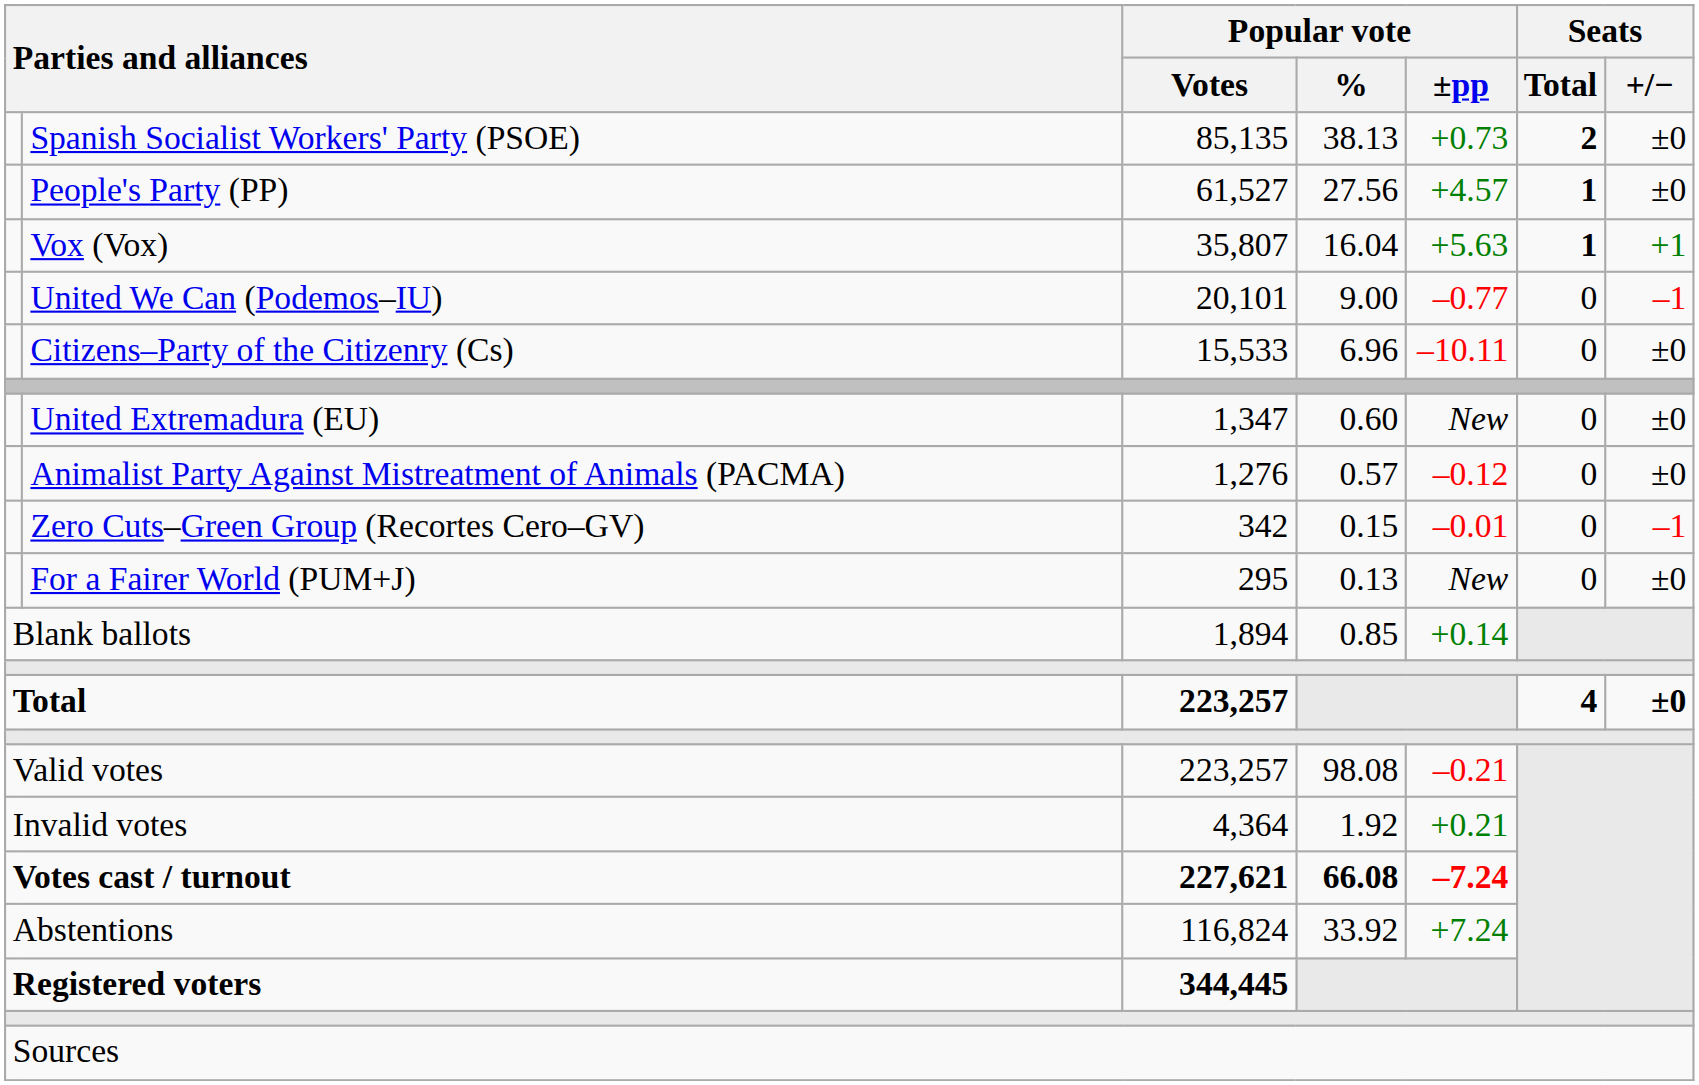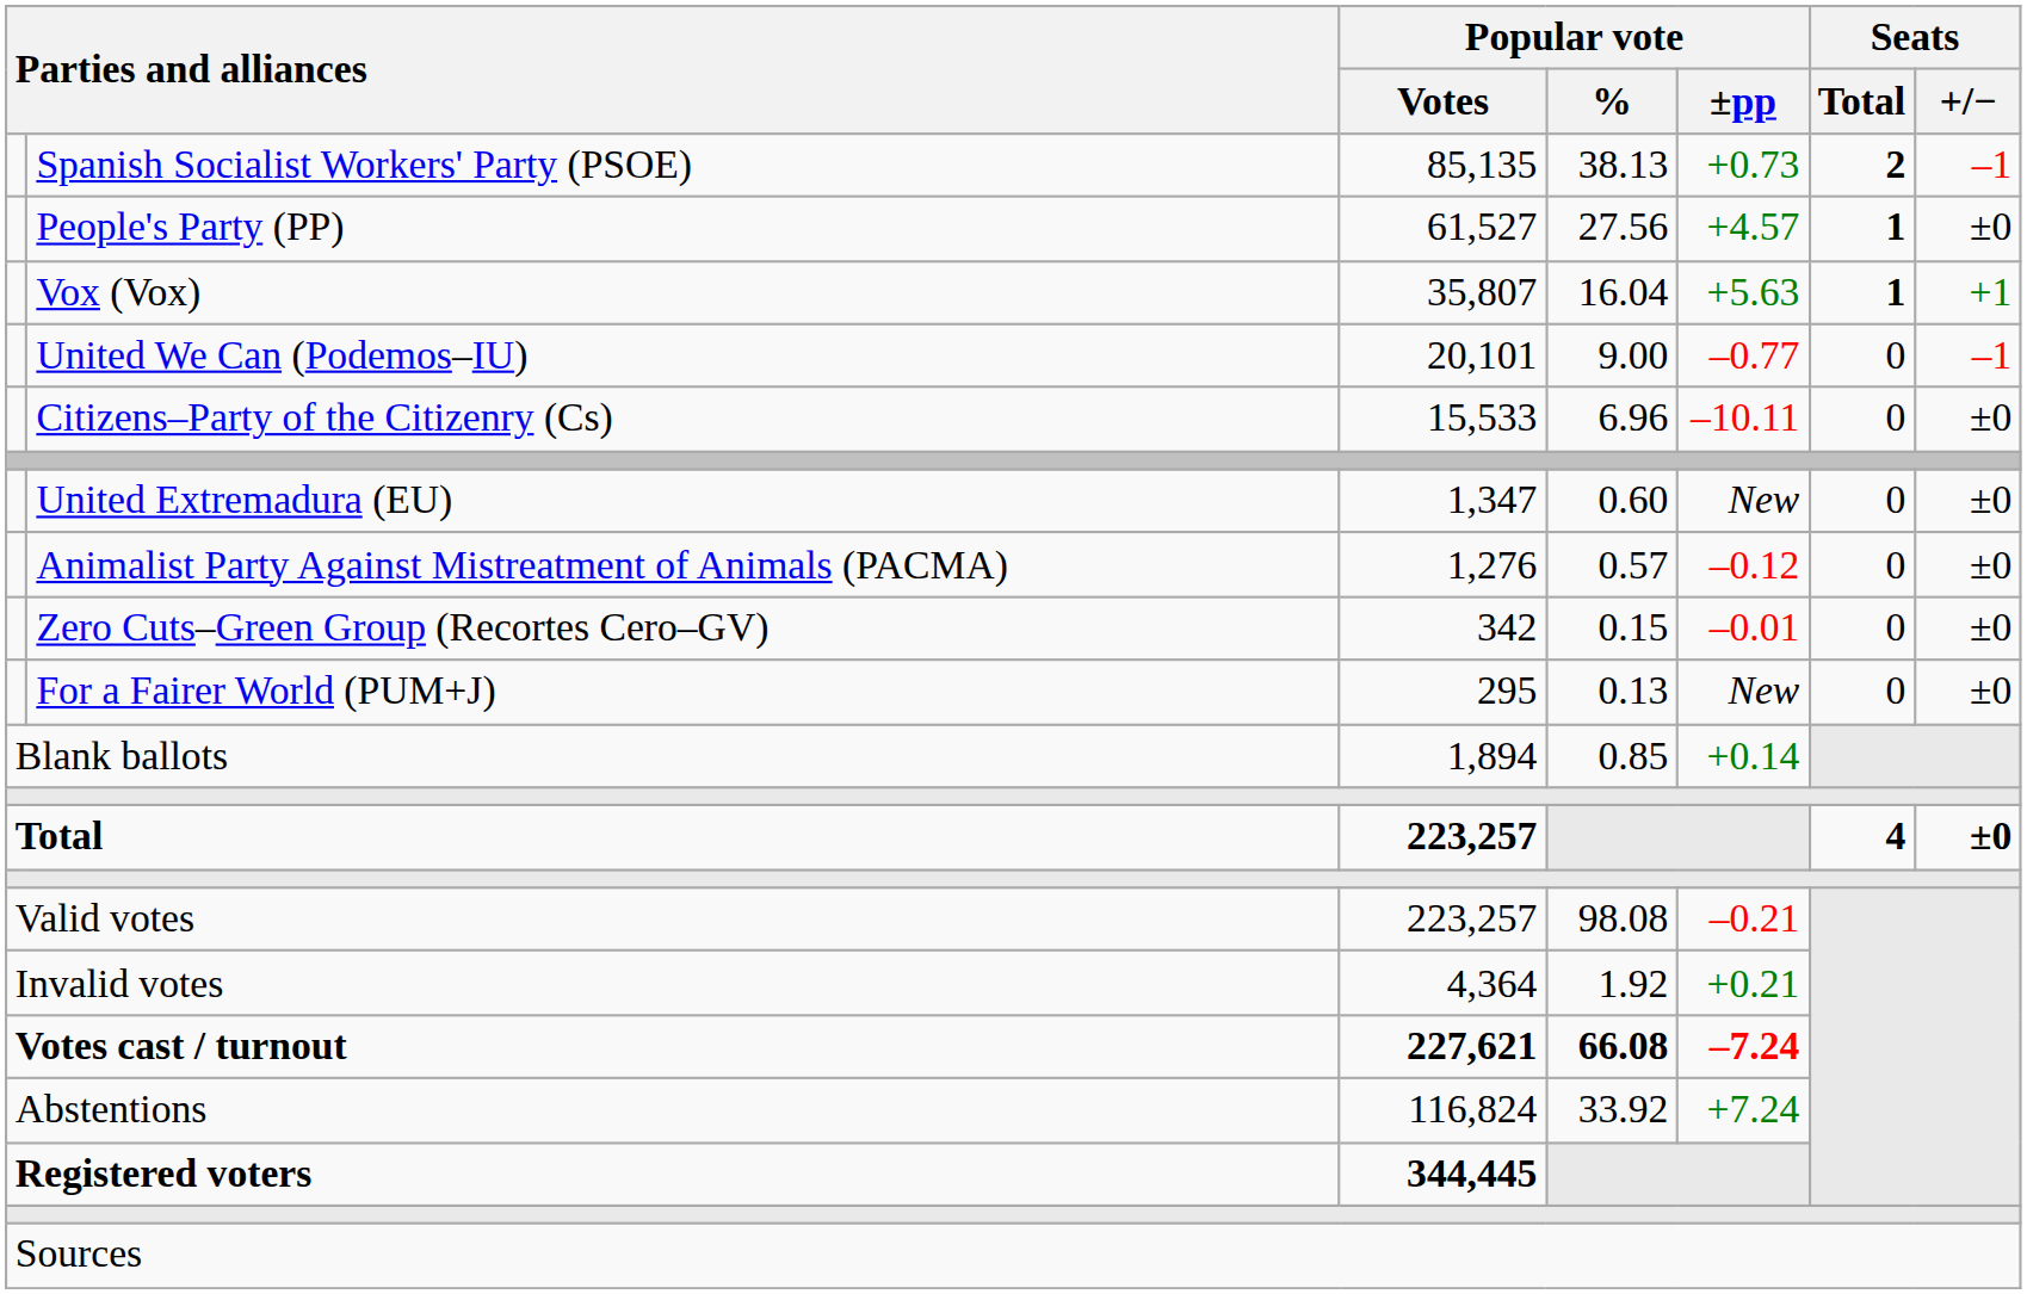 <table class="wikitable" style="text-align:right;">
 <tr>
 <th style="text-align:left;" rowspan="2" colspan="2" width="525">Parties and alliances</th>
 <th colspan="3">Popular vote</th>
 <th colspan="2">Seats</th>
 </tr>
 <tr>
 <th width="75">Votes</th>
 <th width="45">%</th>
 <th width="45">±<a href='#'>pp</a></th>
 <th width="35">Total</th>
 <th width="35">+/−</th>
 </tr>
 <tr>
 <td width="1" style="color:inherit;background:"></td>
 <td align="left"><a href='#'>Spanish Socialist Workers' Party</a> (PSOE)</td>
 <td>85,135</td>
 <td>38.13</td>
 <td style="color:green;">+0.73</td>
 <td><strong>2</strong></td>
-<td>±0</td>
+<td style="color:red;">–1</td>
 </tr>
 <tr>
 <td style="color:inherit;background:"></td>
 <td align="left"><a href='#'>People's Party</a> (PP)</td>
 <td>61,527</td>
 <td>27.56</td>
 <td style="color:green;">+4.57</td>
 <td><strong>1</strong></td>
 <td>±0</td>
 </tr>
 <tr>
 <td style="color:inherit;background:"></td>
 <td align="left"><a href='#'>Vox</a> (Vox)</td>
 <td>35,807</td>
 <td>16.04</td>
 <td style="color:green;">+5.63</td>
 <td><strong>1</strong></td>
 <td style="color:green;">+1</td>
 </tr>
 <tr>
 <td style="color:inherit;background:"></td>
 <td align="left"><a href='#'>United We Can</a> (<a href='#'>Podemos</a>–<a href='#'>IU</a>)</td>
 <td>20,101</td>
 <td>9.00</td>
 <td style="color:red;">–0.77</td>
 <td>0</td>
 <td style="color:red;">–1</td>
 </tr>
 <tr>
 <td style="color:inherit;background:"></td>
 <td align="left"><a href='#'>Citizens–Party of the Citizenry</a> (Cs)</td>
 <td>15,533</td>
 <td>6.96</td>
 <td style="color:red;">–10.11</td>
 <td>0</td>
 <td>±0</td>
 </tr>
 <tr>
 <td colspan="7" bgcolor="#C0C0C0"></td>
 </tr>
 <tr>
 <td style="color:inherit;background:"></td>
 <td align="left"><a href='#'>United Extremadura</a> (EU)</td>
 <td>1,347</td>
 <td>0.60</td>
 <td><em>New</em></td>
 <td>0</td>
 <td>±0</td>
 </tr>
 <tr>
 <td style="color:inherit;background:"></td>
 <td align="left"><a href='#'>Animalist Party Against Mistreatment of Animals</a> (PACMA)</td>
 <td>1,276</td>
 <td>0.57</td>
 <td style="color:red;">–0.12</td>
 <td>0</td>
 <td>±0</td>
 </tr>
 <tr>
 <td style="color:inherit;background:"></td>
 <td align="left"><a href='#'>Zero Cuts</a>–<a href='#'>Green Group</a> (Recortes Cero–GV)</td>
 <td>342</td>
 <td>0.15</td>
 <td style="color:red;">–0.01</td>
 <td>0</td>
-<td style="color:red;">–1</td>
+<td>±0</td>
 </tr>
 <tr>
 <td style="color:inherit;background:"></td>
 <td align="left"><a href='#'>For a Fairer World</a> (PUM+J)</td>
 <td>295</td>
 <td>0.13</td>
 <td><em>New</em></td>
 <td>0</td>
 <td>±0</td>
 </tr>
 <tr>
 <td align="left" colspan="2">Blank ballots</td>
 <td>1,894</td>
 <td>0.85</td>
 <td style="color:green;">+0.14</td>
 <td bgcolor="#E9E9E9" colspan="2"></td>
 </tr>
 <tr>
 <td colspan="7" bgcolor="#E9E9E9"></td>
 </tr>
 <tr style="font-weight:bold;">
 <td align="left" colspan="2">Total</td>
 <td>223,257</td>
 <td bgcolor="#E9E9E9" colspan="2"></td>
 <td>4</td>
 <td>±0</td>
 </tr>
 <tr>
 <td colspan="7" bgcolor="#E9E9E9"></td>
 </tr>
 <tr>
 <td align="left" colspan="2">Valid votes</td>
 <td>223,257</td>
 <td>98.08</td>
 <td style="color:red;">–0.21</td>
 <td bgcolor="#E9E9E9" colspan="2" rowspan="5"></td>
 </tr>
 <tr>
 <td align="left" colspan="2">Invalid votes</td>
 <td>4,364</td>
 <td>1.92</td>
 <td style="color:green;">+0.21</td>
 </tr>
 <tr style="font-weight:bold;">
 <td align="left" colspan="2">Votes cast / turnout</td>
 <td>227,621</td>
 <td>66.08</td>
 <td style="color:red;">–7.24</td>
 </tr>
 <tr>
 <td align="left" colspan="2">Abstentions</td>
 <td>116,824</td>
 <td>33.92</td>
 <td style="color:green;">+7.24</td>
 </tr>
 <tr style="font-weight:bold;">
 <td align="left" colspan="2">Registered voters</td>
 <td>344,445</td>
 <td bgcolor="#E9E9E9" colspan="2"></td>
 </tr>
 <tr>
 <td colspan="7" bgcolor="#E9E9E9"></td>
 </tr>
 <tr>
 <td align="left" colspan="7">Sources</td>
 </tr>
 </table>
